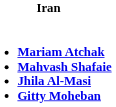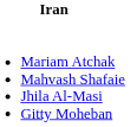 <table>
 <tr>
 <th>Iran</th>
 </tr>
 <tr>
-<td><strong><br><ul><li><a href='#'>Mariam Atchak</a></li><li><a href='#'>Mahvash Shafaie</a></li><li><a href='#'>Jhila Al-Masi</a></li><li><a href='#'>Gitty Moheban</a></li></ul></strong></td>
+<td><br><ul><li><a href='#'>Mariam Atchak</a></li><li><a href='#'>Mahvash Shafaie</a></li><li><a href='#'>Jhila Al-Masi</a></li><li><a href='#'>Gitty Moheban</a></li></ul></td>
 </tr>
 </table>
